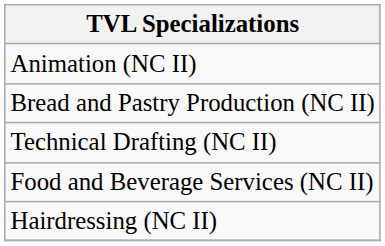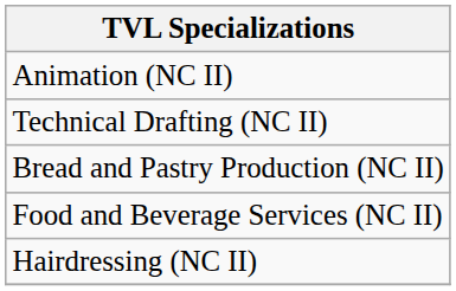 <table class="wikitable">
 <tr>
 <th><strong>TVL Specializations</strong></th>
 </tr>
 <tr>
 <td>Animation (NC II)</td>
 </tr>
 <tr>
-<td>Bread and Pastry Production (NC II)</td>
+<td>Technical Drafting (NC II)</td>
 </tr>
 <tr>
-<td>Technical Drafting (NC II)</td>
+<td>Bread and Pastry Production (NC II)</td>
 </tr>
 <tr>
 <td>Food and Beverage Services (NC II)</td>
 </tr>
 <tr>
 <td>Hairdressing (NC II)</td>
 </tr>
 <tr>
 </tr>
 </table>
